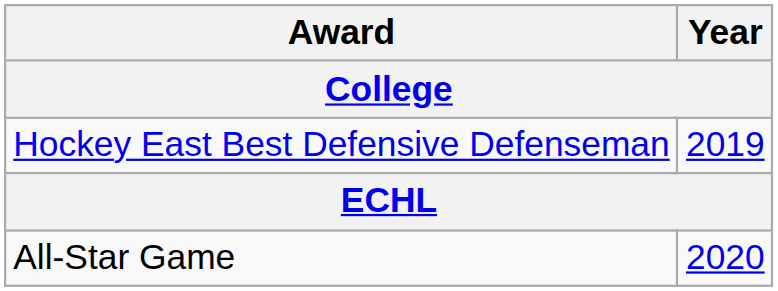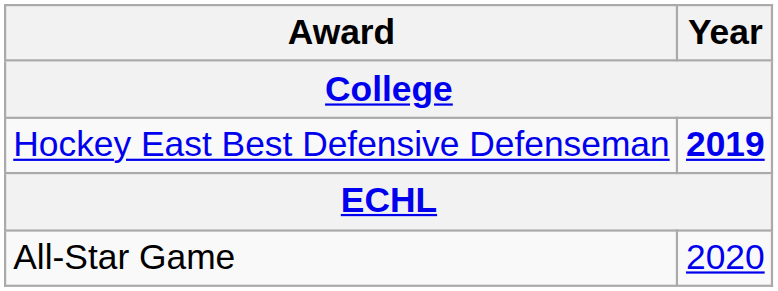 <table class="wikitable">
 <tr>
 <th>Award</th>
 <th>Year</th>
 </tr>
 <tr>
 <th colspan="3"><a href='#'>College</a></th>
 </tr>
 <tr>
 <td><a href='#'>Hockey East Best Defensive Defenseman</a></td>
-<td><a href='#'>2019</a></td>
+<td><strong><a href='#'>2019</a></strong></td>
 </tr>
 <tr>
 <th colspan="3"><a href='#'>ECHL</a></th>
 </tr>
 <tr>
 <td>All-Star Game</td>
 <td><a href='#'>2020</a></td>
 </tr>
 </table>
